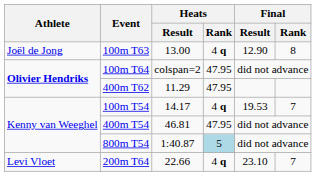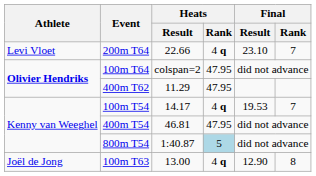 <table class=wikitable style="font-size:90%">
 <tr>
 <th rowspan="2">Athlete</th>
 <th rowspan="2">Event</th>
 <th colspan="2">Heats</th>
 <th colspan="2">Final</th>
 </tr>
 <tr>
 <th>Result</th>
 <th>Rank</th>
 <th>Result</th>
 <th>Rank</th>
 </tr>
 <tr align=center>
-<td align=left><a href='#'>Joël de Jong</a></td>
-<td align=left><a href='#'>100m T63</a></td>
-<td>13.00</td>
+<td align=left><a href='#'>Levi Vloet</a></td>
+<td align=left><a href='#'>200m T64</a></td>
+<td>22.66</td>
 <td>4 <strong>q</strong></td>
-<td>12.90</td>
-<td>8</td>
+<td>23.10</td>
+<td>7</td>
 </tr>
 <tr align=center>
 <td align=left rowspan=2><strong><a href='#'>Olivier Hendriks</a></strong></td>
 <td align=left><a href='#'>100m T64</a></td>
 <td>colspan=2 </td>
 <td>47.95</td>
 <td colspan=2>did not advance</td>
 </tr>
 <tr align=center>
 <td align=left><a href='#'>400m T62</a></td>
 <td>11.29</td>
 <td>47.95</td>
 <td></td>
 </tr>
 <tr align=center>
 <td align=left rowspan=3><a href='#'>Kenny van Weeghel</a></td>
 <td align=left><a href='#'>100m T54</a></td>
 <td>14.17</td>
 <td>4 <strong>q</strong></td>
 <td>19.53</td>
 <td>7</td>
 </tr>
 <tr align=center>
 <td align=left><a href='#'>400m T54</a></td>
 <td>46.81</td>
 <td>47.95</td>
 <td colspan=2>did not advance</td>
 </tr>
 <tr align=center>
 <td align=left><a href='#'>800m T54</a></td>
 <td>1:40.87</td>
 <td style="background: lightblue;">5</td>
 <td colspan=2>did not advance</td>
 </tr>
 <tr align=center>
-<td align=left><a href='#'>Levi Vloet</a></td>
-<td align=left><a href='#'>200m T64</a></td>
-<td>22.66</td>
+<td align=left><a href='#'>Joël de Jong</a></td>
+<td align=left><a href='#'>100m T63</a></td>
+<td>13.00</td>
 <td>4 <strong>q</strong></td>
-<td>23.10</td>
-<td>7</td>
+<td>12.90</td>
+<td>8</td>
 </tr>
 </table>
